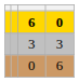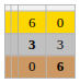 <table class="wikitable" style="text-align: center;">
 <tr>
 <th></th>
 <th></th>
 <th width=25></th>
 <th width=25></th>
 </tr>
 <tr style="background:gold;">
 <td></td>
 <td align=left></td>
-<td><strong>6</strong></td>
-<td><strong>0</strong></td>
+<td>6</td>
+<td>0</td>
 </tr>
 <tr bgcolor=#C0C0C0>
 <td></td>
 <td align=left></td>
-<td>3</td>
+<td><strong>3</strong></td>
 <td>3</td>
 </tr>
 <tr bgcolor=#CC9965>
 <td></td>
 <td align=left></td>
 <td>0</td>
-<td>6</td>
+<td><strong>6</strong></td>
 </tr>
 </table>
